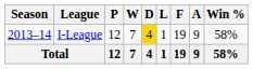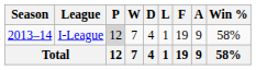 <table class="wikitable" style="text-align: center">
 <tr>
 <th>Season</th>
 <th>League</th>
 <th>P</th>
 <th>W</th>
 <th>D</th>
 <th>L</th>
 <th>F</th>
 <th>A</th>
 <th>Win %</th>
 </tr>
 <tr>
 <td align=left><a href='#'>2013–14</a></td>
 <td><a href='#'>I-League</a></td>
-<td>12</td>
+<td style="background: lightgrey;">12</td>
 <td>7</td>
-<td style="background: gold;">4</td>
+<td>4</td>
 <td>1</td>
 <td>19</td>
 <td>9</td>
 <td>58%</td>
 </tr>
 <tr>
 <th colspan="2" align="left">Total</th>
 <th>12</th>
 <th>7</th>
 <th>4</th>
 <th>1</th>
 <th>19</th>
 <th>9</th>
 <th>58%</th>
 </tr>
 </table>
